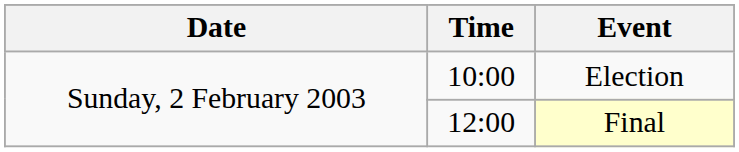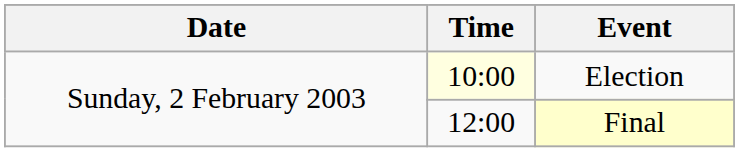 <table class = "wikitable" style="text-align:center;">
 <tr>
 <th width=220>Date</th>
 <th width=50>Time</th>
 <th width=100>Event</th>
 </tr>
 <tr>
 <td rowspan=2>Sunday, 2 February 2003</td>
-<td>10:00</td>
+<td style="background: lightyellow;">10:00</td>
 <td>Election</td>
 </tr>
 <tr>
 <td>12:00</td>
 <td bgcolor=ffffcc>Final</td>
 </tr>
 </table>
